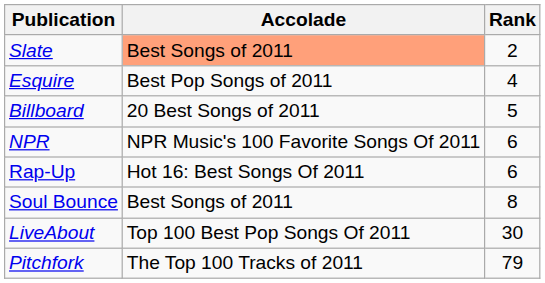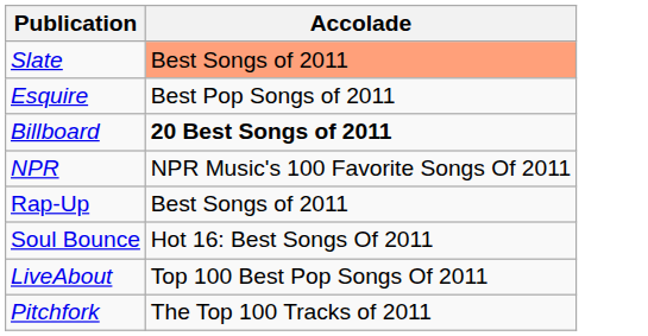 <table class="wikitable plainrowheaders">
 <tr>
 <th>Publication</th>
 <th>Accolade</th>
-<th>Rank</th>
 </tr>
 <tr>
 <td><em><a href='#'>Slate</a></em></td>
 <td style="background: lightsalmon;">Best Songs of 2011</td>
-<td style="text-align:center;”">2</td>
 </tr>
 <tr>
 <td><em><a href='#'>Esquire</a></em></td>
 <td>Best Pop Songs of 2011</td>
-<td style="text-align:center;”">4</td>
 </tr>
 <tr>
 <td><em><a href='#'>Billboard</a></em></td>
-<td>20 Best Songs of 2011</td>
-<td style="text-align:center;”">5</td>
+<td><strong>20 Best Songs of 2011</strong></td>
 </tr>
 <tr>
 <td><em><a href='#'>NPR</a></em></td>
 <td>NPR Music's 100 Favorite Songs Of 2011</td>
-<td style="text-align:center;”">6</td>
 </tr>
 <tr>
 <td><a href='#'>Rap-Up</a></td>
-<td>Hot 16: Best Songs Of 2011</td>
-<td style="text-align:center;”">6</td>
+<td>Best Songs of 2011</td>
 </tr>
 <tr>
 <td><a href='#'>Soul Bounce</a></td>
-<td>Best Songs of 2011</td>
-<td style="text-align:center;”">8</td>
+<td>Hot 16: Best Songs Of 2011</td>
 </tr>
 <tr>
 <td><em><a href='#'>LiveAbout</a></em></td>
 <td>Top 100 Best Pop Songs Of 2011</td>
-<td style="text-align:center;”">30</td>
 </tr>
 <tr>
 <td><em><a href='#'>Pitchfork</a></em></td>
 <td>The Top 100 Tracks of 2011</td>
-<td style="text-align:center;”">79</td>
 </tr>
 </table>
